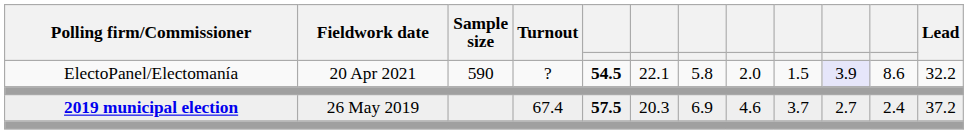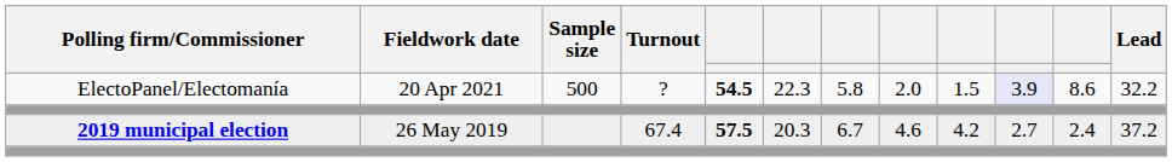 <table class="wikitable collapsible collapsed" style="text-align:center; font-size:95%; line-height:16px;">
 <tr style="height:42px;">
 <th style="width:250px;" rowspan="2">Polling firm/Commissioner</th>
 <th style="width:125px;" rowspan="2">Fieldwork date</th>
 <th style="width:50px;" rowspan="2">Sample size</th>
 <th style="width:45px;" rowspan="2">Turnout</th>
 <th style="width:35px;"></th>
 <th style="width:35px;"></th>
 <th style="width:35px;"></th>
 <th style="width:35px;"></th>
 <th style="width:35px;"></th>
 <th style="width:35px;"></th>
 <th style="width:35px;"></th>
 <th style="width:30px;" rowspan="2">Lead</th>
 </tr>
 <tr>
 <th style="color:inherit;background:"></th>
 <th style="color:inherit;background:"></th>
 <th style="color:inherit;background:"></th>
 <th style="color:inherit;background:"></th>
 <th style="color:inherit;background:"></th>
 <th style="color:inherit;background:"></th>
 <th style="color:inherit;background:"></th>
 </tr>
 <tr>
 <td>ElectoPanel/Electomanía</td>
 <td>20 Apr 2021</td>
-<td>590</td>
+<td>500</td>
 <td>?</td>
 <td><strong>54.5</strong><br></td>
-<td>22.1<br></td>
+<td>22.3<br></td>
 <td>5.8<br></td>
 <td>2.0<br></td>
 <td>1.5<br></td>
 <td style="background: lavender;">3.9<br></td>
 <td>8.6<br></td>
 <td style="background:">32.2</td>
 </tr>
 <tr>
 <td colspan="12" style="background:#A0A0A0"></td>
 </tr>
 <tr style="background:#EFEFEF;">
 <td><strong><a href='#'>2019 municipal election</a></strong></td>
 <td>26 May 2019</td>
 <td></td>
 <td>67.4</td>
 <td><strong>57.5</strong><br></td>
 <td>20.3<br></td>
-<td>6.9<br></td>
+<td>6.7<br></td>
 <td>4.6<br></td>
-<td>3.7<br></td>
+<td>4.2<br></td>
 <td>2.7<br></td>
 <td>2.4<br></td>
 <td style="background:">37.2</td>
 </tr>
 <tr>
 <td colspan="12" style="background:#A0A0A0"></td>
 </tr>
 </table>
